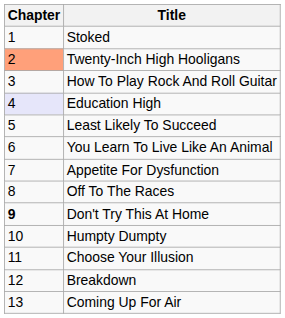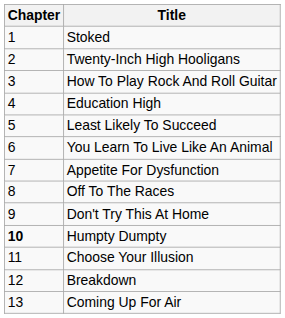 <table class="wikitable">
 <tr>
 <th>Chapter</th>
 <th>Title</th>
 </tr>
 <tr>
 <td>1</td>
 <td>Stoked</td>
 </tr>
 <tr>
-<td style="background: lightsalmon;">2</td>
+<td>2</td>
 <td>Twenty-Inch High Hooligans</td>
 </tr>
 <tr>
 <td>3</td>
 <td>How To Play Rock And Roll Guitar</td>
 </tr>
 <tr>
-<td style="background: lavender;">4</td>
+<td>4</td>
 <td>Education High</td>
 </tr>
 <tr>
 <td>5</td>
 <td>Least Likely To Succeed</td>
 </tr>
 <tr>
 <td>6</td>
 <td>You Learn To Live Like An Animal</td>
 </tr>
 <tr>
 <td>7</td>
 <td>Appetite For Dysfunction</td>
 </tr>
 <tr>
 <td>8</td>
 <td>Off To The Races</td>
 </tr>
 <tr>
-<td><strong>9</strong></td>
+<td>9</td>
 <td>Don't Try This At Home</td>
 </tr>
 <tr>
-<td>10</td>
+<td><strong>10</strong></td>
 <td>Humpty Dumpty</td>
 </tr>
 <tr>
 <td>11</td>
 <td>Choose Your Illusion</td>
 </tr>
 <tr>
 <td>12</td>
 <td>Breakdown</td>
 </tr>
 <tr>
 <td>13</td>
 <td>Coming Up For Air</td>
 </tr>
 </table>
